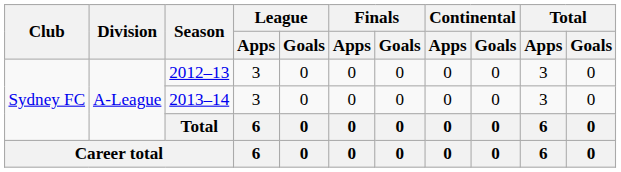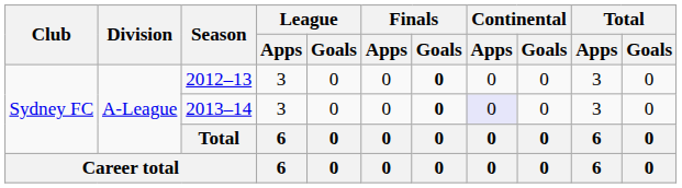 <table class="wikitable" style="text-align:center;">
 <tr>
 <th rowspan="2">Club</th>
 <th rowspan="2">Division</th>
 <th rowspan="2">Season</th>
 <th colspan="2">League</th>
 <th colspan="2">Finals</th>
 <th colspan="2">Continental</th>
 <th colspan="2">Total</th>
 </tr>
 <tr>
 <th>Apps</th>
 <th>Goals</th>
 <th>Apps</th>
 <th>Goals</th>
 <th>Apps</th>
 <th>Goals</th>
 <th>Apps</th>
 <th>Goals</th>
 </tr>
 <tr>
 <td rowspan="3"><a href='#'>Sydney FC</a></td>
 <td rowspan="3"><a href='#'>A-League</a></td>
 <td><a href='#'>2012–13</a></td>
 <td>3</td>
 <td>0</td>
 <td>0</td>
-<td>0</td>
+<td><strong>0</strong></td>
 <td>0</td>
 <td>0</td>
 <td>3</td>
 <td>0</td>
 </tr>
 <tr>
 <td><a href='#'>2013–14</a></td>
 <td>3</td>
 <td>0</td>
 <td>0</td>
-<td>0</td>
-<td>0</td>
+<td><strong>0</strong></td>
+<td style="background: lavender;">0</td>
 <td>0</td>
 <td>3</td>
 <td>0</td>
 </tr>
 <tr>
 <th>Total</th>
 <th>6</th>
 <th>0</th>
 <th>0</th>
 <th>0</th>
 <th>0</th>
 <th>0</th>
 <th>6</th>
 <th>0</th>
 </tr>
 <tr>
 <th colspan="3">Career total</th>
 <th>6</th>
 <th>0</th>
 <th>0</th>
 <th>0</th>
 <th>0</th>
 <th>0</th>
 <th>6</th>
 <th>0</th>
 </tr>
 </table>
